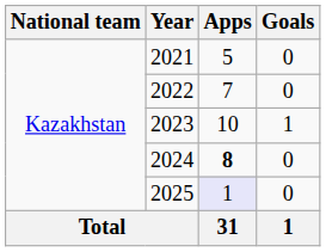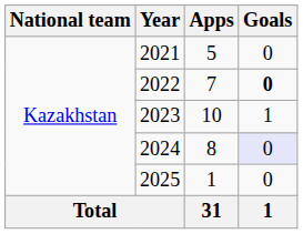 <table class="wikitable" style="text-align:center">
 <tr>
 <th>National team</th>
 <th>Year</th>
 <th>Apps</th>
 <th>Goals</th>
 </tr>
 <tr>
 <td rowspan="5"><a href='#'>Kazakhstan</a></td>
 <td>2021</td>
 <td>5</td>
 <td>0</td>
 </tr>
 <tr>
 <td>2022</td>
 <td>7</td>
-<td>0</td>
+<td><strong>0</strong></td>
 </tr>
 <tr>
 <td>2023</td>
 <td>10</td>
 <td>1</td>
 </tr>
 <tr>
 <td>2024</td>
-<td><strong>8</strong></td>
-<td>0</td>
+<td>8</td>
+<td style="background: lavender;">0</td>
 </tr>
 <tr>
 <td>2025</td>
-<td style="background: lavender;">1</td>
+<td>1</td>
 <td>0</td>
 </tr>
 <tr>
 <th colspan="2">Total</th>
 <th>31</th>
 <th>1</th>
 </tr>
 </table>
